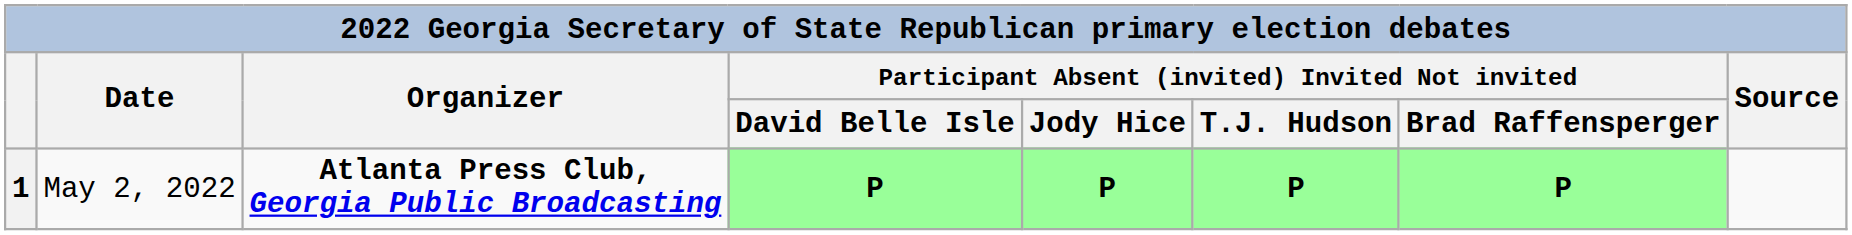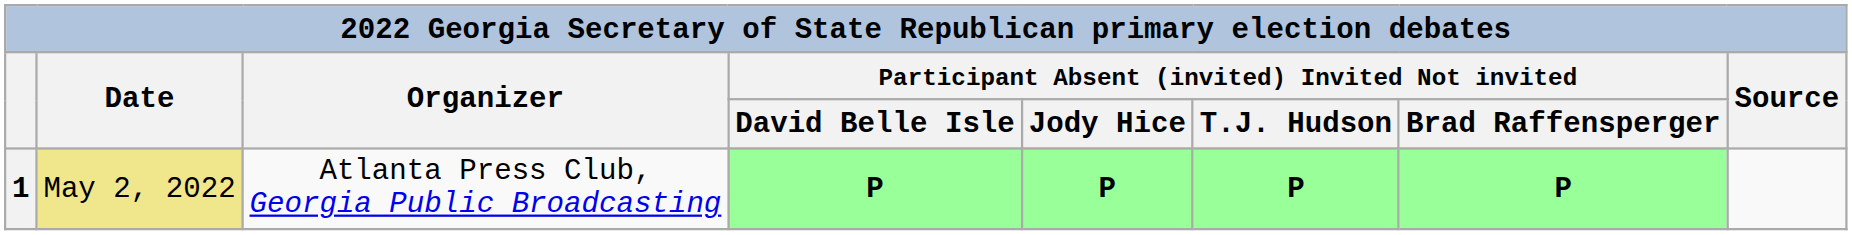 <table class="wikitable" style="text-align:center;">
 <tr>
 <th colspan="8" style="background-color:#B0C4DE;">2022 Georgia Secretary of State Republican primary election debates</th>
 </tr>
 <tr>
 <th rowspan="2"></th>
 <th rowspan="2">Date</th>
 <th rowspan="2">Organizer</th>
 <th colspan="4"><small> Participant  Absent (invited)  Invited  Not invited</small></th>
 <th rowspan="2">Source</th>
 </tr>
 <tr>
 <th>David Belle Isle</th>
 <th>Jody Hice</th>
 <th>T.J. Hudson</th>
 <th>Brad Raffensperger</th>
 </tr>
 <tr>
 <th>1</th>
-<td>May 2, 2022</td>
-<td><strong>Atlanta Press Club,<br><em><a href='#'>Georgia Public Broadcasting</a></em></strong></td>
+<td style="background: khaki;">May 2, 2022</td>
+<td>Atlanta Press Club,<br><em><a href='#'>Georgia Public Broadcasting</a></em></td>
 <td style="background-color:#99FF99;"><strong>P</strong></td>
 <td style="background-color:#99FF99;"><strong>P</strong></td>
 <td style="background-color:#99FF99;"><strong>P</strong></td>
 <td style="background-color:#99FF99;"><strong>P</strong></td>
 <td></td>
 </tr>
 </table>
